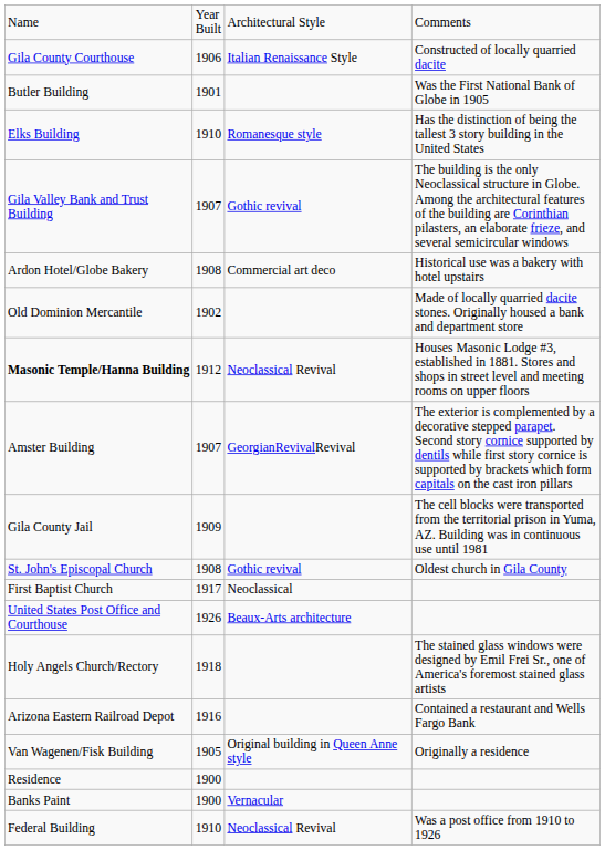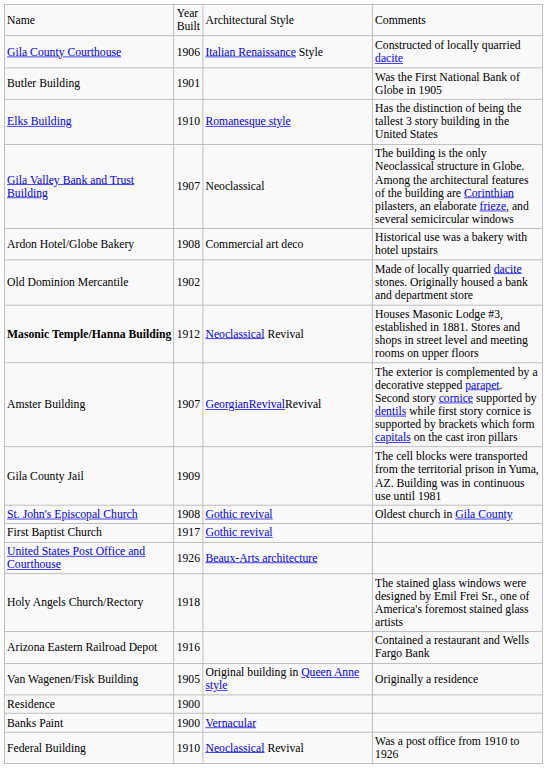 <table class="wikitable">
 <tr>
 <td Header1="col" width="225">Name</td>
 <td Header2="col" width="25">Year Built</td>
 <td Header3="col" width="225">Architectural Style</td>
 <td Header4="col" width="225">Comments</td>
 </tr>
 <tr>
 <td><a href='#'>Gila County Courthouse</a><br> </td>
 <td>1906</td>
 <td><a href='#'>Italian Renaissance</a> Style</td>
 <td>Constructed of locally quarried <a href='#'>dacite</a></td>
 </tr>
 <tr>
 <td>Butler Building<br></td>
 <td>1901</td>
 <td></td>
 <td>Was the First National Bank of Globe in 1905</td>
 </tr>
 <tr>
 <td><a href='#'>Elks Building</a><br></td>
 <td>1910</td>
 <td><a href='#'>Romanesque style</a></td>
 <td>Has the distinction of being the tallest 3 story building in the United States</td>
 </tr>
 <tr>
 <td><a href='#'>Gila Valley Bank and Trust Building</a><br></td>
 <td>1907</td>
-<td><a href='#'>Gothic revival</a></td>
+<td>Neoclassical</td>
 <td>The building is the only Neoclassical structure in Globe. Among the architectural features of the building are <a href='#'>Corinthian</a> pilasters, an elaborate <a href='#'>frieze</a>, and several semicircular windows</td>
 </tr>
 <tr>
 <td>Ardon Hotel/Globe Bakery<br></td>
 <td>1908</td>
 <td>Commercial art deco</td>
 <td>Historical use was a bakery with hotel upstairs</td>
 </tr>
 <tr>
 <td>Old Dominion Mercantile<br></td>
 <td>1902</td>
 <td></td>
 <td>Made of locally quarried <a href='#'>dacite</a> stones.  Originally housed a bank and department store</td>
 </tr>
 <tr id="Masonic Temple-Hanna Building">
 <td><strong>Masonic Temple/Hanna Building</strong><br></td>
 <td>1912</td>
 <td><a href='#'>Neoclassical</a> Revival</td>
 <td>Houses Masonic Lodge #3, established in 1881. Stores and shops in street level and meeting rooms on upper floors</td>
 </tr>
 <tr>
 <td>Amster Building<br></td>
 <td>1907</td>
 <td><a href='#'>GeorgianRevival</a>Revival</td>
 <td>The exterior is complemented by a decorative stepped <a href='#'>parapet</a>.  Second story <a href='#'>cornice</a> supported by <a href='#'>dentils</a> while first story cornice is supported by brackets which form <a href='#'>capitals</a> on the cast iron pillars</td>
 </tr>
 <tr>
 <td>Gila County Jail<br></td>
 <td>1909</td>
 <td></td>
 <td>The cell blocks were transported from the territorial prison in Yuma, AZ.  Building was in continuous use until 1981</td>
 </tr>
 <tr>
 <td><a href='#'>St. John's Episcopal Church</a><br></td>
 <td>1908</td>
 <td><a href='#'>Gothic revival</a></td>
 <td>Oldest church in <a href='#'>Gila County</a></td>
 </tr>
 <tr>
 <td>First Baptist Church<br></td>
 <td>1917</td>
-<td>Neoclassical</td>
+<td><a href='#'>Gothic revival</a></td>
 <td></td>
 </tr>
 <tr>
 <td><a href='#'>United States Post Office and Courthouse</a><br></td>
 <td>1926</td>
 <td><a href='#'>Beaux-Arts architecture</a></td>
 <td></td>
 </tr>
 <tr>
 <td>Holy Angels Church/Rectory<br></td>
 <td>1918</td>
 <td></td>
 <td>The stained glass windows were designed by Emil Frei Sr., one of America's foremost stained glass artists</td>
 </tr>
 <tr>
 <td>Arizona Eastern Railroad Depot<br></td>
 <td>1916</td>
 <td></td>
 <td>Contained a restaurant and Wells Fargo Bank</td>
 </tr>
 <tr>
 <td>Van Wagenen/Fisk Building<br></td>
 <td>1905</td>
 <td>Original building in <a href='#'>Queen Anne style</a></td>
 <td>Originally a residence</td>
 </tr>
 <tr>
 <td>Residence<br></td>
 <td>1900</td>
 <td></td>
 <td></td>
 </tr>
 <tr>
 <td>Banks Paint<br></td>
 <td>1900</td>
 <td><a href='#'>Vernacular</a></td>
 <td></td>
 </tr>
 <tr>
 <td>Federal Building<br></td>
 <td>1910</td>
 <td><a href='#'>Neoclassical</a> Revival</td>
 <td>Was a post office from 1910 to 1926</td>
 </tr>
 </table>
